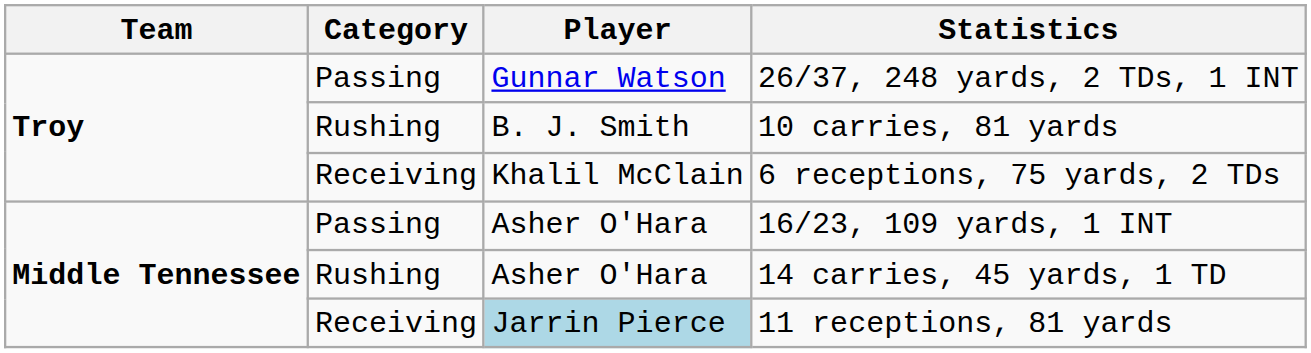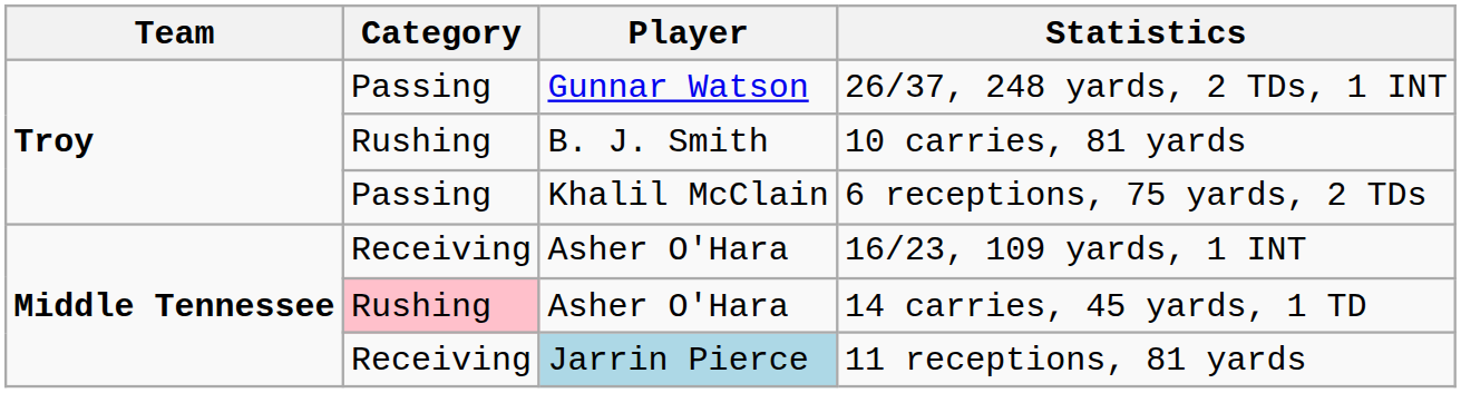 <table class="wikitable" style="float: left;">
 <tr>
 <th>Team</th>
 <th>Category</th>
 <th>Player</th>
 <th>Statistics</th>
 </tr>
 <tr>
 <td rowspan=3><strong>Troy</strong></td>
 <td>Passing</td>
 <td><a href='#'>Gunnar Watson</a></td>
 <td>26/37, 248 yards, 2 TDs, 1 INT</td>
 </tr>
 <tr>
 <td>Rushing</td>
 <td>B. J. Smith</td>
 <td>10 carries, 81 yards</td>
 </tr>
 <tr>
-<td>Receiving</td>
+<td>Passing</td>
 <td>Khalil McClain</td>
 <td>6 receptions, 75 yards, 2 TDs</td>
 </tr>
 <tr>
 <td rowspan=3><strong>Middle Tennessee</strong></td>
-<td>Passing</td>
+<td>Receiving</td>
 <td>Asher O'Hara</td>
 <td>16/23, 109 yards, 1 INT</td>
 </tr>
 <tr>
-<td>Rushing</td>
+<td style="background: pink;">Rushing</td>
 <td>Asher O'Hara</td>
 <td>14 carries, 45 yards, 1 TD</td>
 </tr>
 <tr>
 <td>Receiving</td>
 <td style="background: lightblue;">Jarrin Pierce</td>
 <td>11 receptions, 81 yards</td>
 </tr>
 </table>
